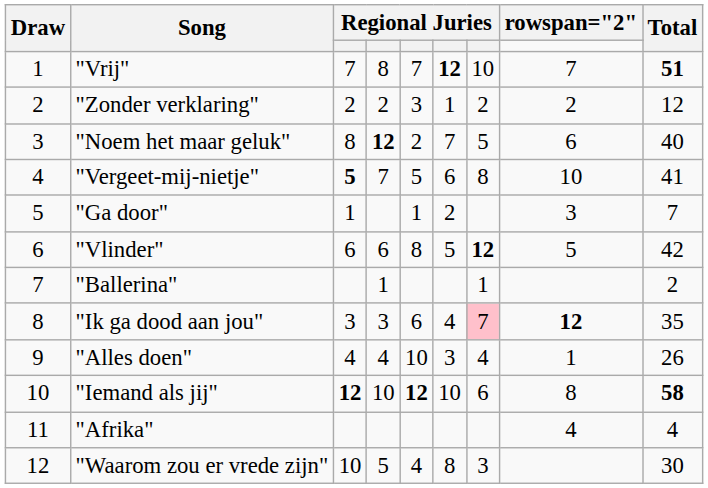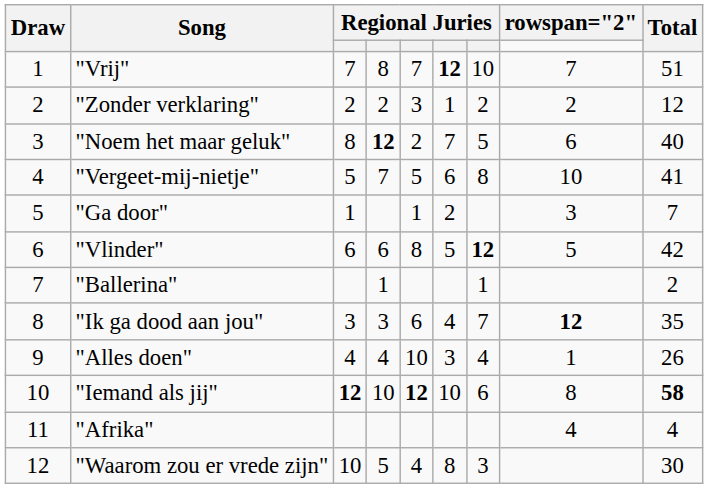 <table class="wikitable plainrowheaders" style="margin: 1em auto 1em auto; text-align:center;">
 <tr>
 <th rowspan="2">Draw</th>
 <th rowspan="2">Song</th>
 <th colspan="5">Regional Juries</th>
 <th>rowspan="2" </th>
 <th rowspan="2">Total</th>
 </tr>
 <tr>
 <th></th>
 <th></th>
 <th></th>
 <th></th>
 <th></th>
 </tr>
 <tr --->
 <td>1</td>
 <td align="left">"Vrij"</td>
 <td>7</td>
 <td>8</td>
 <td>7</td>
 <td><strong>12</strong></td>
 <td>10</td>
 <td>7</td>
-<td><strong>51</strong></td>
+<td>51</td>
 </tr>
 <tr --->
 <td>2</td>
 <td align="left">"Zonder verklaring"</td>
 <td>2</td>
 <td>2</td>
 <td>3</td>
 <td>1</td>
 <td>2</td>
 <td>2</td>
 <td>12</td>
 </tr>
 <tr --->
 <td>3</td>
 <td align="left">"Noem het maar geluk"</td>
 <td>8</td>
 <td><strong>12</strong></td>
 <td>2</td>
 <td>7</td>
 <td>5</td>
 <td>6</td>
 <td>40</td>
 </tr>
 <tr --->
 <td>4</td>
 <td align="left">"Vergeet-mij-nietje"</td>
-<td><strong>5</strong></td>
+<td>5</td>
 <td>7</td>
 <td>5</td>
 <td>6</td>
 <td>8</td>
 <td>10</td>
 <td>41</td>
 </tr>
 <tr --->
 <td>5</td>
 <td align="left">"Ga door"</td>
 <td>1</td>
 <td></td>
 <td>1</td>
 <td>2</td>
 <td></td>
 <td>3</td>
 <td>7</td>
 </tr>
 <tr --->
 <td>6</td>
 <td align="left">"Vlinder"</td>
 <td>6</td>
 <td>6</td>
 <td>8</td>
 <td>5</td>
 <td><strong>12</strong></td>
 <td>5</td>
 <td>42</td>
 </tr>
 <tr --->
 <td>7</td>
 <td align="left">"Ballerina"</td>
 <td></td>
 <td>1</td>
 <td></td>
 <td></td>
 <td>1</td>
 <td></td>
 <td>2</td>
 </tr>
 <tr --->
 <td>8</td>
 <td align="left">"Ik ga dood aan jou"</td>
 <td>3</td>
 <td>3</td>
 <td>6</td>
 <td>4</td>
-<td style="background: pink;">7</td>
+<td>7</td>
 <td><strong>12</strong></td>
 <td>35</td>
 </tr>
 <tr --->
 <td>9</td>
 <td align="left">"Alles doen"</td>
 <td>4</td>
 <td>4</td>
 <td>10</td>
 <td>3</td>
 <td>4</td>
 <td>1</td>
 <td>26</td>
 </tr>
 <tr --->
 <td>10</td>
 <td align="left">"Iemand als jij"</td>
 <td><strong>12</strong></td>
 <td>10</td>
 <td><strong>12</strong></td>
 <td>10</td>
 <td>6</td>
 <td>8</td>
 <td><strong>58</strong></td>
 </tr>
 <tr --->
 <td>11</td>
 <td align="left">"Afrika"</td>
 <td></td>
 <td></td>
 <td></td>
 <td></td>
 <td></td>
 <td>4</td>
 <td>4</td>
 </tr>
 <tr --->
 <td>12</td>
 <td align="left">"Waarom zou er vrede zijn"</td>
 <td>10</td>
 <td>5</td>
 <td>4</td>
 <td>8</td>
 <td>3</td>
 <td></td>
 <td>30</td>
 </tr>
 </table>
